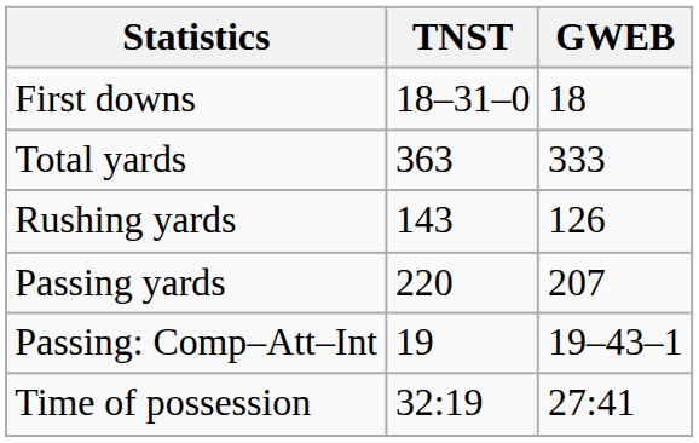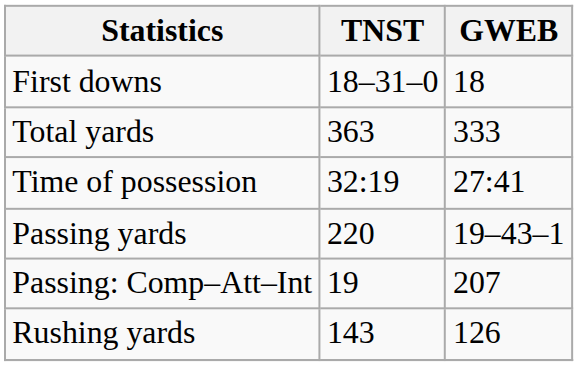 <table class="wikitable" style="float: left;">
 <tr>
 <th>Statistics</th>
 <th>TNST</th>
 <th>GWEB</th>
 </tr>
 <tr>
 <td>First downs</td>
 <td>18–31–0</td>
 <td>18</td>
 </tr>
 <tr>
 <td>Total yards</td>
 <td>363</td>
 <td>333</td>
 </tr>
 <tr>
+<td>Time of possession</td>
+<td>32:19</td>
+<td>27:41</td>
+</tr>
+<tr>
+<td>Passing yards</td>
+<td>220</td>
+<td>19–43–1</td>
+</tr>
+<tr>
+<td>Passing: Comp–Att–Int</td>
+<td>19</td>
+<td>207</td>
+</tr>
+<tr>
 <td>Rushing yards</td>
 <td>143</td>
 <td>126</td>
 </tr>
 <tr>
-<td>Passing yards</td>
-<td>220</td>
-<td>207</td>
-</tr>
-<tr>
-<td>Passing: Comp–Att–Int</td>
-<td>19</td>
-<td>19–43–1</td>
-</tr>
-<tr>
-<td>Time of possession</td>
-<td>32:19</td>
-<td>27:41</td>
-</tr>
-<tr>
 </tr>
 </table>
